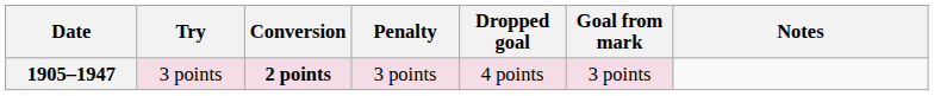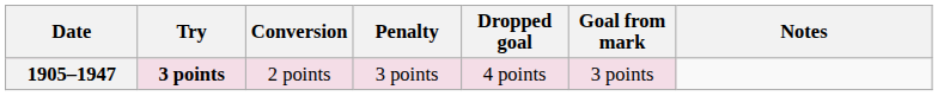 <table class="wikitable">
 <tr>
 <th scope="col" width="100px">Date</th>
 <th scope="col" width="80px">Try</th>
 <th scope="col" width="80px">Conversion</th>
 <th scope="col" width="80px">Penalty</th>
 <th scope="col" width="80px">Dropped goal</th>
 <th scope="col" width="80px">Goal from mark</th>
 <th scope="col" width="200px">Notes<br></th>
 </tr>
 <tr style="text-align:center;background:#F4DDE7;">
 <th>1905–1947</th>
-<td>3 points</td>
-<td><strong>2 points</strong></td>
+<td><strong>3 points</strong></td>
+<td>2 points</td>
 <td>3 points</td>
 <td>4 points</td>
 <td>3 points<br></td>
 </tr>
 </table>
